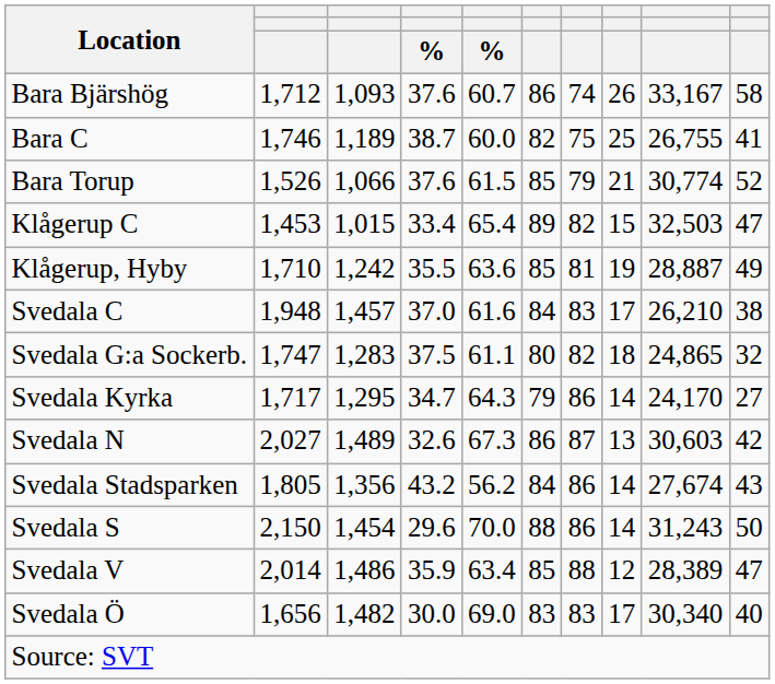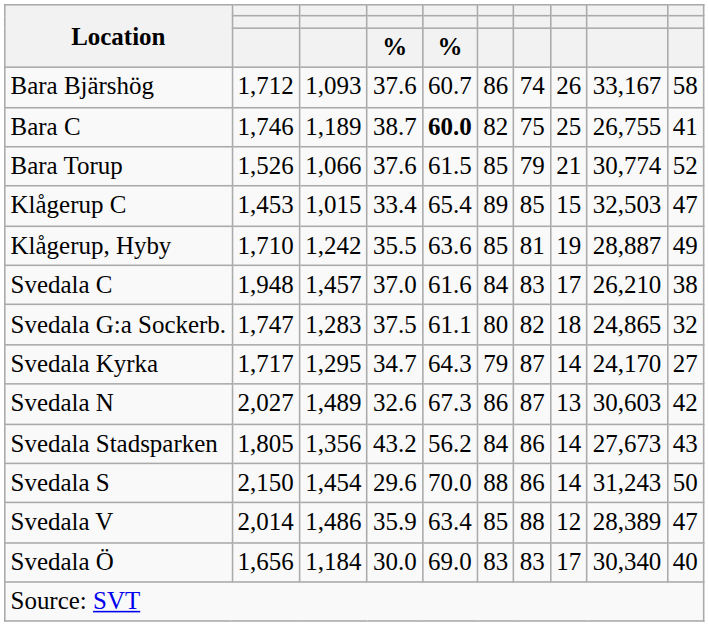 <table role="presentation" class="wikitable sortable mw-collapsible">
 <tr>
 <th rowspan="3">Location</th>
 <th></th>
 <th></th>
 <th></th>
 <th></th>
 <th></th>
 <th></th>
 <th></th>
 <th></th>
 <th></th>
 </tr>
 <tr>
 <th></th>
 <th></th>
 <th style="background:"></th>
 <th style="background:"></th>
 <th></th>
 <th></th>
 <th></th>
 <th></th>
 <th></th>
 </tr>
 <tr>
 <th data-sort-type="number"></th>
 <th data-sort-type="number"></th>
 <th data-sort-type="number">%</th>
 <th data-sort-type="number">%</th>
 <th data-sort-type="number"></th>
 <th data-sort-type="number"></th>
 <th data-sort-type="number"></th>
 <th data-sort-type="number"></th>
 <th data-sort-type="number"></th>
 </tr>
 <tr>
 <td align="left">Bara Bjärshög</td>
 <td>1,712</td>
 <td>1,093</td>
 <td>37.6</td>
 <td>60.7</td>
 <td>86</td>
 <td>74</td>
 <td>26</td>
 <td>33,167</td>
 <td>58</td>
 </tr>
 <tr>
 <td align="left">Bara C</td>
 <td>1,746</td>
 <td>1,189</td>
 <td>38.7</td>
-<td>60.0</td>
+<td><strong>60.0</strong></td>
 <td>82</td>
 <td>75</td>
 <td>25</td>
 <td>26,755</td>
 <td>41</td>
 </tr>
 <tr>
 <td align="left">Bara Torup</td>
 <td>1,526</td>
 <td>1,066</td>
 <td>37.6</td>
 <td>61.5</td>
 <td>85</td>
 <td>79</td>
 <td>21</td>
 <td>30,774</td>
 <td>52</td>
 </tr>
 <tr>
 <td align="left">Klågerup C</td>
 <td>1,453</td>
 <td>1,015</td>
 <td>33.4</td>
 <td>65.4</td>
 <td>89</td>
-<td>82</td>
+<td>85</td>
 <td>15</td>
 <td>32,503</td>
 <td>47</td>
 </tr>
 <tr>
 <td align="left">Klågerup, Hyby</td>
 <td>1,710</td>
 <td>1,242</td>
 <td>35.5</td>
 <td>63.6</td>
 <td>85</td>
 <td>81</td>
 <td>19</td>
 <td>28,887</td>
 <td>49</td>
 </tr>
 <tr>
 <td align="left">Svedala C</td>
 <td>1,948</td>
 <td>1,457</td>
 <td>37.0</td>
 <td>61.6</td>
 <td>84</td>
 <td>83</td>
 <td>17</td>
 <td>26,210</td>
 <td>38</td>
 </tr>
 <tr>
 <td align="left">Svedala G:a Sockerb.</td>
 <td>1,747</td>
 <td>1,283</td>
 <td>37.5</td>
 <td>61.1</td>
 <td>80</td>
 <td>82</td>
 <td>18</td>
 <td>24,865</td>
 <td>32</td>
 </tr>
 <tr>
 <td align="left">Svedala Kyrka</td>
 <td>1,717</td>
 <td>1,295</td>
 <td>34.7</td>
 <td>64.3</td>
 <td>79</td>
-<td>86</td>
+<td>87</td>
 <td>14</td>
 <td>24,170</td>
 <td>27</td>
 </tr>
 <tr>
 <td align="left">Svedala N</td>
 <td>2,027</td>
 <td>1,489</td>
 <td>32.6</td>
 <td>67.3</td>
 <td>86</td>
 <td>87</td>
 <td>13</td>
 <td>30,603</td>
 <td>42</td>
 </tr>
 <tr>
 <td align="left">Svedala Stadsparken</td>
 <td>1,805</td>
 <td>1,356</td>
 <td>43.2</td>
 <td>56.2</td>
 <td>84</td>
 <td>86</td>
 <td>14</td>
-<td>27,674</td>
+<td>27,673</td>
 <td>43</td>
 </tr>
 <tr>
 <td align="left">Svedala S</td>
 <td>2,150</td>
 <td>1,454</td>
 <td>29.6</td>
 <td>70.0</td>
 <td>88</td>
 <td>86</td>
 <td>14</td>
 <td>31,243</td>
 <td>50</td>
 </tr>
 <tr>
 <td align="left">Svedala V</td>
 <td>2,014</td>
 <td>1,486</td>
 <td>35.9</td>
 <td>63.4</td>
 <td>85</td>
 <td>88</td>
 <td>12</td>
 <td>28,389</td>
 <td>47</td>
 </tr>
 <tr>
 <td align="left">Svedala Ö</td>
 <td>1,656</td>
-<td>1,482</td>
+<td>1,184</td>
 <td>30.0</td>
 <td>69.0</td>
 <td>83</td>
 <td>83</td>
 <td>17</td>
 <td>30,340</td>
 <td>40</td>
 </tr>
 <tr>
 <td colspan="10" align="left">Source: <a href='#'>SVT</a></td>
 </tr>
 </table>
